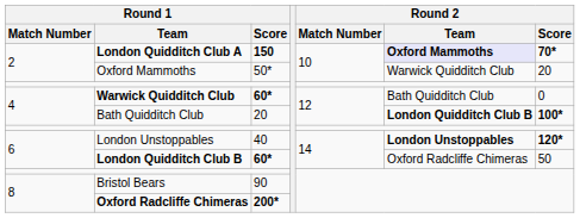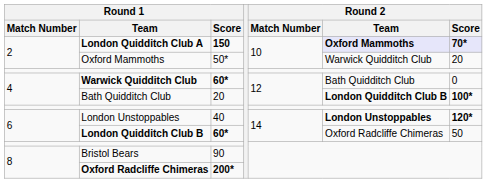 <table class="wikitable">
 <tr>
 <th colspan="3">Round 1</th>
 <th rowspan="13" style="border: none;"></th>
 <th colspan="3">Round 2</th>
 </tr>
 <tr>
 <th>Match Number</th>
 <th>Team</th>
 <th>Score</th>
 <th>Match Number</th>
 <th>Team</th>
 <th>Score</th>
 </tr>
 <tr>
 <td rowspan="2">2</td>
 <td><strong>London Quidditch Club A</strong></td>
 <td><strong>150</strong></td>
 <td rowspan="2">10</td>
 <td style="background: lavender;"><strong>Oxford Mammoths</strong></td>
-<td><strong>70*</strong></td>
+<td style="background: lavender;"><strong>70*</strong></td>
 </tr>
 <tr>
 <td>Oxford Mammoths</td>
 <td>50*</td>
 <td>Warwick Quidditch Club</td>
 <td>20</td>
 </tr>
 <tr>
 <td colspan="3"></td>
 <td colspan="3"></td>
 </tr>
 <tr>
 <td rowspan="2">4</td>
 <td><strong>Warwick Quidditch Club</strong></td>
 <td><strong>60*</strong></td>
 <td rowspan="2">12</td>
 <td>Bath Quidditch Club</td>
 <td>0</td>
 </tr>
 <tr>
 <td>Bath Quidditch Club</td>
 <td>20</td>
 <td><strong>London Quidditch Club B</strong></td>
 <td><strong>100*</strong></td>
 </tr>
 <tr>
 <td colspan="3"></td>
 <td colspan="3"></td>
 </tr>
 <tr>
 <td rowspan="2">6</td>
 <td>London Unstoppables</td>
 <td>40</td>
 <td rowspan="2">14</td>
 <td><strong>London Unstoppables</strong></td>
 <td><strong>120*</strong></td>
 </tr>
 <tr>
 <td><strong>London Quidditch Club B</strong></td>
 <td><strong>60*</strong></td>
 <td>Oxford Radcliffe Chimeras</td>
 <td>50</td>
 </tr>
 <tr>
 <td colspan="3"></td>
 <td colspan="3" rowspan="3"></td>
 </tr>
 <tr>
 <td rowspan="2">8</td>
 <td>Bristol Bears</td>
 <td>90</td>
 </tr>
 <tr>
 <td><strong>Oxford Radcliffe Chimeras</strong></td>
 <td><strong>200*</strong></td>
 </tr>
 </table>
